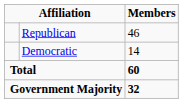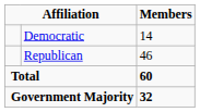 <table class="wikitable">
 <tr>
 <td colspan="2" rowspan="1" align="center" valign="top"><strong>Affiliation</strong></td>
 <td style="vertical-align:top;"><strong>Members</strong></td>
 </tr>
 <tr>
 <td style="background-color:"> </td>
-<td><a href='#'>Republican</a></td>
-<td>46</td>
+<td><a href='#'>Democratic</a></td>
+<td>14</td>
 </tr>
 <tr>
 <td style="background-color:"> </td>
-<td><a href='#'>Democratic</a></td>
-<td>14</td>
+<td><a href='#'>Republican</a></td>
+<td>46</td>
 </tr>
 <tr>
 <td colspan="2" rowspan="1"> <strong>Total</strong></td>
 <td><strong>60</strong></td>
 </tr>
 <tr>
 <td colspan="2" rowspan="1"> <strong>Government Majority</strong></td>
 <td><strong>32</strong></td>
 </tr>
 </table>
